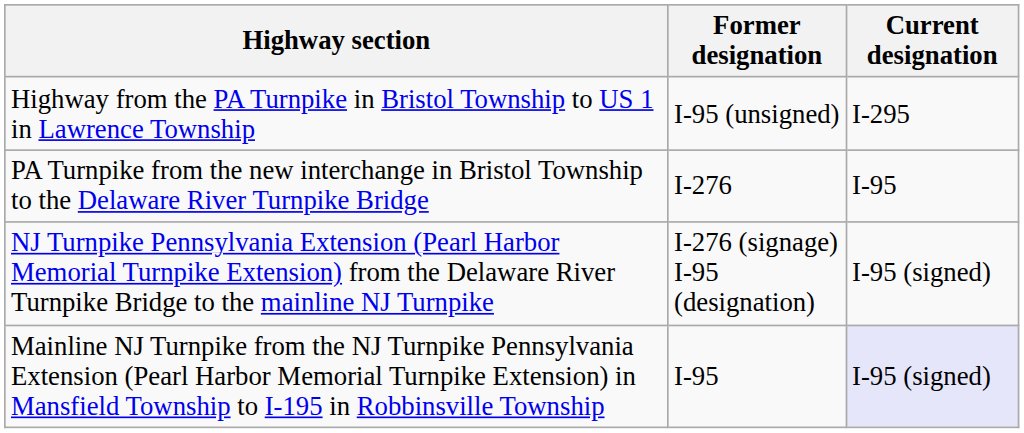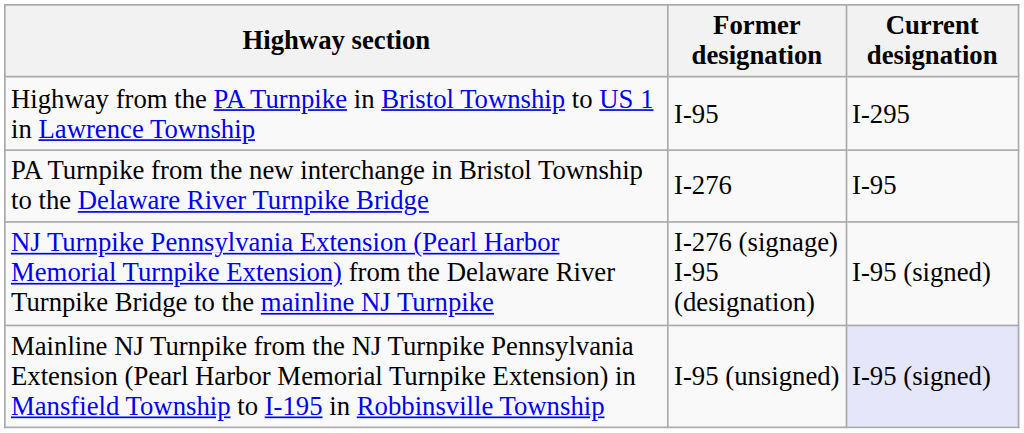 <table class="wikitable">
 <tr>
 <th scope="col">Highway section</th>
 <th scope="col">Former designation</th>
 <th scope="col">Current designation</th>
 </tr>
 <tr>
 <td>Highway from the <a href='#'>PA Turnpike</a> in <a href='#'>Bristol Township</a> to <a href='#'>US 1</a> in <a href='#'>Lawrence Township</a></td>
-<td>I-95 (unsigned)</td>
+<td>I-95</td>
 <td>I-295</td>
 </tr>
 <tr>
 <td>PA Turnpike from the new interchange in Bristol Township to the <a href='#'>Delaware River Turnpike Bridge</a></td>
 <td>I-276</td>
 <td>I-95</td>
 </tr>
 <tr>
 <td><a href='#'>NJ Turnpike Pennsylvania Extension (Pearl Harbor Memorial Turnpike Extension)</a> from the Delaware River Turnpike Bridge to the <a href='#'>mainline NJ Turnpike</a></td>
 <td>I-276 (signage)<br> I-95 (designation)</td>
 <td>I-95 (signed)</td>
 </tr>
 <tr>
 <td>Mainline NJ Turnpike from the NJ Turnpike Pennsylvania Extension (Pearl Harbor Memorial Turnpike Extension) in <a href='#'>Mansfield Township</a> to <a href='#'>I-195</a> in <a href='#'>Robbinsville Township</a></td>
-<td>I-95</td>
+<td>I-95 (unsigned)</td>
 <td style="background: lavender;">I-95 (signed)</td>
 </tr>
 </table>
